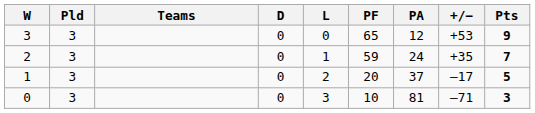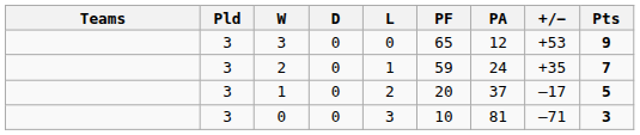 <table class="wikitable" style="text-align: center;">
 <tr>
+<th width="160">Teams</th>
+<th width="40">Pld</th>
 <th width="40">W</th>
-<th width="40">Pld</th>
-<th width="160">Teams</th>
 <th width="40">D</th>
 <th width="40">L</th>
 <th width="40">PF</th>
 <th width="40">PA</th>
 <th width="40">+/−</th>
 <th width="40">Pts</th>
 </tr>
 <tr>
+<td align=left></td>
 <td>3</td>
 <td>3</td>
-<td align=left></td>
 <td>0</td>
 <td>0</td>
 <td>65</td>
 <td>12</td>
 <td>+53</td>
 <td><strong>9</strong></td>
 </tr>
 <tr>
+<td align=left></td>
+<td>3</td>
 <td>2</td>
-<td>3</td>
-<td align=left></td>
 <td>0</td>
 <td>1</td>
 <td>59</td>
 <td>24</td>
 <td>+35</td>
 <td><strong>7</strong></td>
 </tr>
 <tr>
+<td align=left></td>
+<td>3</td>
 <td>1</td>
-<td>3</td>
-<td align=left></td>
 <td>0</td>
 <td>2</td>
 <td>20</td>
 <td>37</td>
 <td>–17</td>
 <td><strong>5</strong></td>
 </tr>
 <tr>
+<td align=left></td>
+<td>3</td>
 <td>0</td>
-<td>3</td>
-<td align=left></td>
 <td>0</td>
 <td>3</td>
 <td>10</td>
 <td>81</td>
 <td>–71</td>
 <td><strong>3</strong></td>
 </tr>
 </table>
